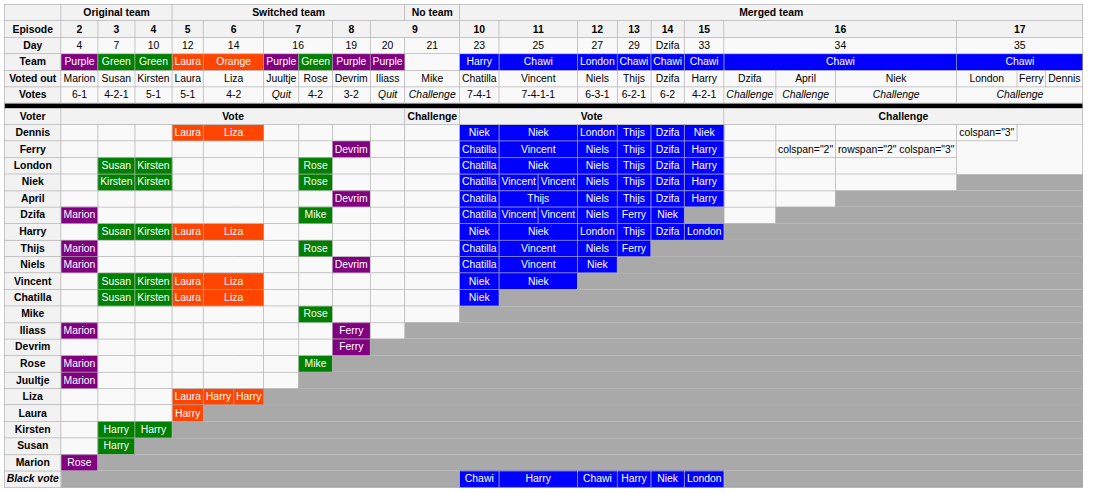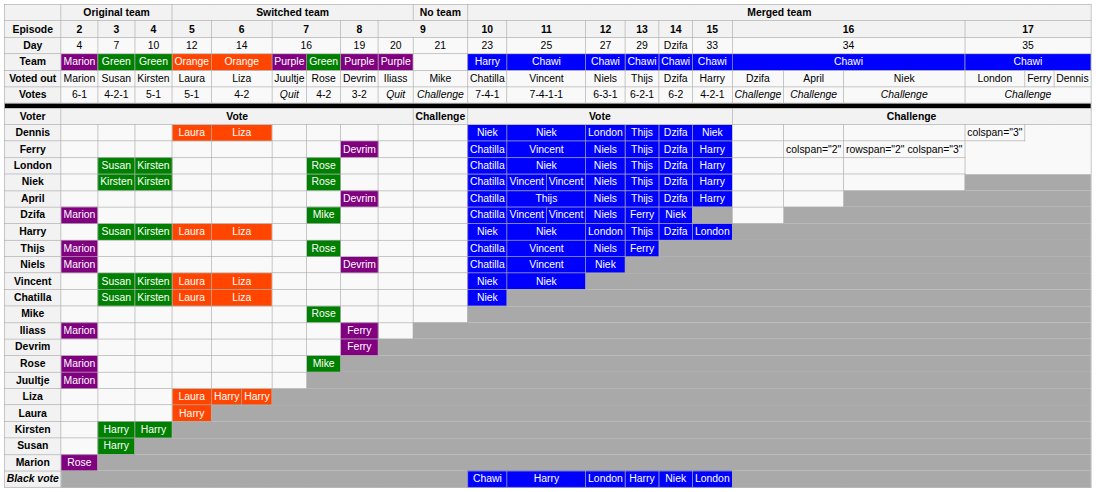 <table class="wikitable" style="text-align:center; white-space:nowrap;">
 <tr>
 <th></th>
 <th colspan="3">Original team</th>
 <th colspan="7">Switched team</th>
 <th>No team</th>
 <th colspan="100%">Merged team</th>
 </tr>
 <tr>
 <th>Episode</th>
 <th>2</th>
 <th>3</th>
 <th>4</th>
 <th>5</th>
 <th colspan="2">6</th>
 <th colspan="2">7</th>
 <th>8</th>
 <th colspan="2">9</th>
 <th>10</th>
 <th colspan="2">11</th>
 <th>12</th>
 <th>13</th>
 <th>14</th>
 <th>15</th>
 <th colspan="3">16</th>
 <th colspan="3">17</th>
 </tr>
 <tr>
 <th>Day</th>
 <td>4</td>
 <td>7</td>
 <td>10</td>
 <td>12</td>
 <td colspan="2">14</td>
 <td colspan="2">16</td>
 <td>19</td>
 <td>20</td>
 <td>21</td>
 <td>23</td>
 <td colspan="2">25</td>
 <td>27</td>
 <td>29</td>
 <td>Dzifa</td>
 <td>33</td>
 <td colspan="3">34</td>
 <td colspan="3">35</td>
 </tr>
 <tr>
 <th>Team</th>
-<td style="background:purple; color:white;">Purple</td>
+<td style="background:purple; color:white;">Marion</td>
 <td style="background:green; color:white;">Green</td>
 <td style="background:green; color:white;">Green</td>
-<td style="background:orangered; color:white;">Laura</td>
+<td style="background:orangered; color:white;">Orange</td>
 <td colspan="2" style="background:orangered; color:white;">Orange</td>
 <td style="background:purple; color:white;">Purple</td>
 <td style="background:green; color:white;">Green</td>
 <td style="background:purple; color:white;">Purple</td>
 <td style="background:purple; color:white;">Purple</td>
 <td></td>
 <td style="background:blue; color:white;">Harry</td>
 <td colspan="2" style="background:blue; color:white;">Chawi</td>
-<td style="background:blue; color:white;">London</td>
+<td style="background:blue; color:white;">Chawi</td>
 <td style="background:blue; color:white;">Chawi</td>
 <td style="background:blue; color:white;">Chawi</td>
 <td style="background:blue; color:white;">Chawi</td>
 <td colspan="3" style="background:blue; color:white;">Chawi</td>
 <td colspan="3" style="background:blue; color:white;">Chawi</td>
 </tr>
 <tr>
 <th>Voted out</th>
 <td>Marion</td>
 <td>Susan</td>
 <td>Kirsten</td>
 <td>Laura</td>
 <td colspan="2">Liza</td>
 <td>Juultje</td>
 <td>Rose</td>
 <td>Devrim</td>
 <td>Iliass</td>
 <td>Mike</td>
 <td>Chatilla</td>
 <td colspan="2">Vincent</td>
 <td>Niels</td>
 <td>Thijs</td>
 <td>Dzifa</td>
 <td>Harry</td>
 <td>Dzifa</td>
 <td>April</td>
 <td>Niek</td>
 <td>London</td>
 <td>Ferry</td>
 <td>Dennis</td>
 </tr>
 <tr>
 <th>Votes</th>
 <td>6-1</td>
 <td>4-2-1</td>
 <td>5-1</td>
 <td>5-1</td>
 <td colspan="2">4-2</td>
 <td><em>Quit</em></td>
 <td>4-2</td>
 <td>3-2</td>
 <td><em>Quit</em></td>
 <td><em>Challenge</em></td>
 <td>7-4-1</td>
 <td colspan="2">7-4-1-1</td>
 <td>6-3-1</td>
 <td>6-2-1</td>
 <td>6-2</td>
 <td>4-2-1</td>
 <td><em>Challenge</em></td>
 <td><em>Challenge</em></td>
 <td><em>Challenge</em></td>
 <td colspan="3"><em>Challenge</em></td>
 </tr>
 <tr>
 <td colspan="100%" style="background:black;"></td>
 </tr>
 <tr>
 <th>Voter</th>
 <th colspan="10">Vote</th>
 <th>Challenge</th>
 <th colspan="7">Vote</th>
 <th colspan="100%">Challenge</th>
 </tr>
 <tr>
 <th>Dennis</th>
 <td></td>
 <td></td>
 <td></td>
 <td style="background:orangered; color:white;">Laura</td>
 <td colspan="2" style="background:orangered; color:white;">Liza</td>
 <td></td>
 <td></td>
 <td></td>
 <td></td>
 <td></td>
 <td style="background:blue; color:white;">Niek</td>
 <td colspan="2" style="background:blue; color:white;">Niek</td>
 <td style="background:blue; color:white;">London</td>
 <td style="background:blue; color:white;">Thijs</td>
 <td style="background:blue; color:white;">Dzifa</td>
 <td style="background:blue; color:white;">Niek</td>
 <td></td>
 <td></td>
 <td></td>
 <td>colspan="3" </td>
 </tr>
 <tr>
 <th>Ferry</th>
 <td></td>
 <td></td>
 <td></td>
 <td></td>
 <td colspan="2"></td>
 <td></td>
 <td></td>
 <td style="background:purple; color:white;">Devrim</td>
 <td></td>
 <td></td>
 <td style="background:blue; color:white;">Chatilla</td>
 <td colspan="2" style="background:blue; color:white;">Vincent</td>
 <td style="background:blue; color:white;">Niels</td>
 <td style="background:blue; color:white;">Thijs</td>
 <td style="background:blue; color:white;">Dzifa</td>
 <td style="background:blue; color:white;">Harry</td>
 <td></td>
 <td>colspan="2" </td>
 <td>rowspan="2" colspan="3" </td>
 </tr>
 <tr>
 <th>London</th>
 <td></td>
 <td style="background:green; color:white;">Susan</td>
 <td style="background:green; color:white;">Kirsten</td>
 <td></td>
 <td colspan="2"></td>
 <td></td>
 <td style="background:green; color:white;">Rose</td>
 <td></td>
 <td></td>
 <td></td>
 <td style="background:blue; color:white;">Chatilla</td>
 <td colspan="2" style="background:blue; color:white;">Niek</td>
 <td style="background:blue; color:white;">Niels</td>
 <td style="background:blue; color:white;">Thijs</td>
 <td style="background:blue; color:white;">Dzifa</td>
 <td style="background:blue; color:white;">Harry</td>
 <td></td>
 <td></td>
 <td></td>
 </tr>
 <tr>
 <th>Niek</th>
 <td></td>
 <td style="background:green; color:white;">Kirsten</td>
 <td style="background:green; color:white;">Kirsten</td>
 <td></td>
 <td colspan="2"></td>
 <td></td>
 <td style="background:green; color:white;">Rose</td>
 <td></td>
 <td></td>
 <td></td>
 <td style="background:blue; color:white;">Chatilla</td>
 <td style="background:blue; color:white;">Vincent</td>
 <td style="background:blue; color:white;">Vincent</td>
 <td style="background:blue; color:white;">Niels</td>
 <td style="background:blue; color:white;">Thijs</td>
 <td style="background:blue; color:white;">Dzifa</td>
 <td style="background:blue; color:white;">Harry</td>
 <td></td>
 <td></td>
 <td></td>
 <td colspan="100%" style="background:darkgray; border:none;"></td>
 </tr>
 <tr>
 <th>April</th>
 <td></td>
 <td></td>
 <td></td>
 <td></td>
 <td colspan="2"></td>
 <td></td>
 <td></td>
 <td style="background:purple; color:white;">Devrim</td>
 <td></td>
 <td></td>
 <td style="background:blue; color:white;">Chatilla</td>
 <td colspan="2" style="background:blue; color:white;">Thijs</td>
 <td style="background:blue; color:white;">Niels</td>
 <td style="background:blue; color:white;">Thijs</td>
 <td style="background:blue; color:white;">Dzifa</td>
 <td style="background:blue; color:white;">Harry</td>
 <td></td>
 <td></td>
 <td colspan="100%" style="background:darkgray; border:none;"></td>
 </tr>
 <tr>
 <th>Dzifa</th>
 <td style="background:purple; color:white;">Marion</td>
 <td></td>
 <td></td>
 <td></td>
 <td colspan="2"></td>
 <td></td>
 <td style="background:green; color:white;">Mike</td>
 <td></td>
 <td></td>
 <td></td>
 <td style="background:blue; color:white;">Chatilla</td>
 <td style="background:blue; color:white;">Vincent</td>
 <td style="background:blue; color:white;">Vincent</td>
 <td style="background:blue; color:white;">Niels</td>
 <td style="background:blue; color:white;">Ferry</td>
 <td style="background:blue; color:white;">Niek</td>
 <td style="background:darkgray; border:none;"></td>
 <td></td>
 <td colspan="100%" style="background:darkgray; border:none;"></td>
 </tr>
 <tr>
 <th>Harry</th>
 <td></td>
 <td style="background:green; color:white;">Susan</td>
 <td style="background:green; color:white;">Kirsten</td>
 <td style="background:orangered; color:white;">Laura</td>
 <td colspan="2" style="background:orangered; color:white;">Liza</td>
 <td></td>
 <td></td>
 <td></td>
 <td></td>
 <td></td>
 <td style="background:blue; color:white;">Niek</td>
 <td colspan="2" style="background:blue; color:white;">Niek</td>
 <td style="background:blue; color:white;">London</td>
 <td style="background:blue; color:white;">Thijs</td>
 <td style="background:blue; color:white;">Dzifa</td>
 <td style="background:blue; color:white;">London</td>
 <td colspan="100%" style="background:darkgray; border:none;"></td>
 </tr>
 <tr>
 <th>Thijs</th>
 <td style="background:purple; color:white;">Marion</td>
 <td></td>
 <td></td>
 <td></td>
 <td colspan="2"></td>
 <td></td>
 <td style="background:green; color:white;">Rose</td>
 <td></td>
 <td></td>
 <td></td>
 <td style="background:blue; color:white;">Chatilla</td>
 <td colspan="2" style="background:blue; color:white;">Vincent</td>
 <td style="background:blue; color:white;">Niels</td>
 <td style="background:blue; color:white;">Ferry</td>
 <td colspan="100%" style="background:darkgray; border:none;"></td>
 </tr>
 <tr>
 <th>Niels</th>
 <td style="background:purple; color:white;">Marion</td>
 <td></td>
 <td></td>
 <td></td>
 <td colspan="2"></td>
 <td></td>
 <td></td>
 <td style="background:purple; color:white;">Devrim</td>
 <td></td>
 <td></td>
 <td style="background:blue; color:white;">Chatilla</td>
 <td colspan="2" style="background:blue; color:white;">Vincent</td>
 <td style="background:blue; color:white;">Niek</td>
 <td colspan="100%" style="background:darkgray; border:none;"></td>
 </tr>
 <tr>
 <th>Vincent</th>
 <td></td>
 <td style="background:green; color:white;">Susan</td>
 <td style="background:green; color:white;">Kirsten</td>
 <td style="background:orangered; color:white;">Laura</td>
 <td colspan="2" style="background:orangered; color:white;">Liza</td>
 <td></td>
 <td></td>
 <td></td>
 <td></td>
 <td></td>
 <td style="background:blue; color:white;">Niek</td>
 <td colspan="2" style="background:blue; color:white;">Niek</td>
 <td colspan="100%" style="background:darkgray; border:none;"></td>
 </tr>
 <tr>
 <th>Chatilla</th>
 <td></td>
 <td style="background:green; color:white;">Susan</td>
 <td style="background:green; color:white;">Kirsten</td>
 <td style="background:orangered; color:white;">Laura</td>
 <td colspan="2" style="background:orangered; color:white;">Liza</td>
 <td></td>
 <td></td>
 <td></td>
 <td></td>
 <td></td>
 <td style="background:blue; color:white;">Niek</td>
 <td colspan="100%" style="background:darkgray; border:none;"></td>
 </tr>
 <tr>
 <th>Mike</th>
 <td></td>
 <td></td>
 <td></td>
 <td></td>
 <td colspan="2"></td>
 <td></td>
 <td style="background:green; color:white;">Rose</td>
 <td></td>
 <td></td>
 <td></td>
 <td colspan="100%" style="background:darkgray; border:none;"></td>
 </tr>
 <tr>
 <th>Iliass</th>
 <td style="background:purple; color:white;">Marion</td>
 <td></td>
 <td></td>
 <td></td>
 <td colspan="2"></td>
 <td></td>
 <td></td>
 <td style="background:purple; color:white;">Ferry</td>
 <td></td>
 <td colspan="100%" style="background:darkgray; border:none;"></td>
 </tr>
 <tr>
 <th>Devrim</th>
 <td></td>
 <td></td>
 <td></td>
 <td></td>
 <td colspan="2"></td>
 <td></td>
 <td></td>
 <td style="background:purple; color:white;">Ferry</td>
 <td colspan="100%" style="background:darkgray; border:none;"></td>
 </tr>
 <tr>
 <th>Rose</th>
 <td style="background:purple; color:white;">Marion</td>
 <td></td>
 <td></td>
 <td></td>
 <td colspan="2"></td>
 <td></td>
 <td style="background:green; color:white;">Mike</td>
 <td colspan="100%" style="background:darkgray; border:none;"></td>
 </tr>
 <tr>
 <th>Juultje</th>
 <td style="background:purple; color:white;">Marion</td>
 <td></td>
 <td></td>
 <td></td>
 <td colspan="2"></td>
 <td></td>
 <td colspan="100%" style="background:darkgray; border:none;"></td>
 </tr>
 <tr>
 <th>Liza</th>
 <td></td>
 <td></td>
 <td></td>
 <td style="background:orangered; color:white;">Laura</td>
 <td style="background:orangered; color:white;">Harry</td>
 <td style="background:orangered; color:white;">Harry</td>
 <td colspan="100%" style="background:darkgray; border:none;"></td>
 </tr>
 <tr>
 <th>Laura</th>
 <td></td>
 <td></td>
 <td></td>
 <td style="background:orangered; color:white;">Harry</td>
 <td colspan="100%" style="background:darkgray; border:none;"></td>
 </tr>
 <tr>
 <th>Kirsten</th>
 <td></td>
 <td style="background:green; color:white;">Harry</td>
 <td style="background:green; color:white;">Harry</td>
 <td colspan="100%" style="background:darkgray; border:none;"></td>
 </tr>
 <tr>
 <th>Susan</th>
 <td></td>
 <td style="background:green; color:white;">Harry</td>
 <td colspan="100%" style="background:darkgray; border:none;"></td>
 </tr>
 <tr>
 <th>Marion</th>
 <td style="background:purple; color:white;">Rose</td>
 <td colspan="100%" style="background:darkgray; border:none;"></td>
 </tr>
 <tr>
 <th><em>Black vote</em></th>
 <td colspan="11" style="background:darkgray; border:none;"></td>
 <td style="background:blue; color:white;">Chawi</td>
 <td colspan="2" style="background:blue; color:white;">Harry</td>
-<td style="background:blue; color:white;">Chawi</td>
+<td style="background:blue; color:white;">London</td>
 <td style="background:blue; color:white;">Harry</td>
 <td style="background:blue; color:white;">Niek</td>
 <td style="background:blue; color:white;">London</td>
 <td colspan="100%" style="background:darkgray; border:none;"></td>
 </tr>
 </table>
